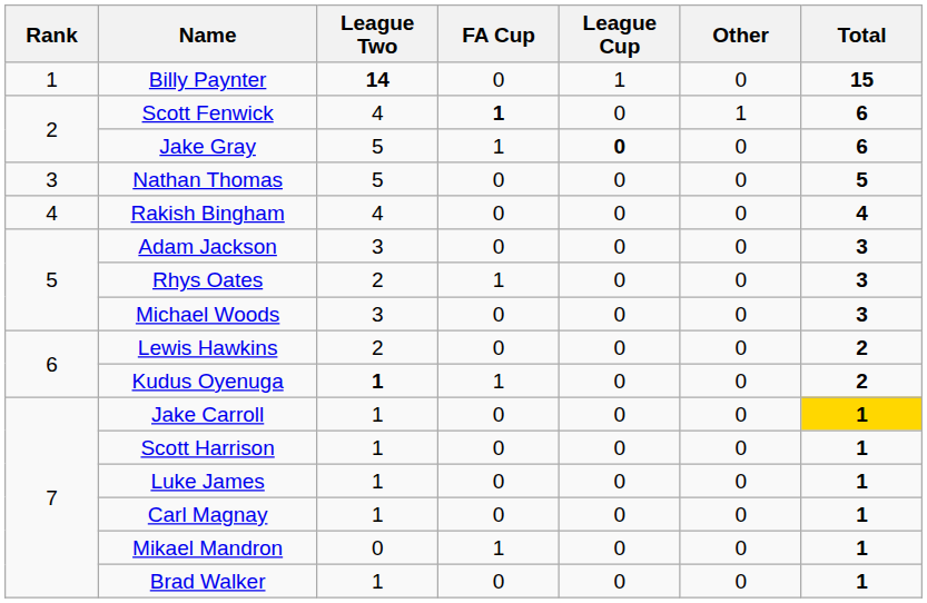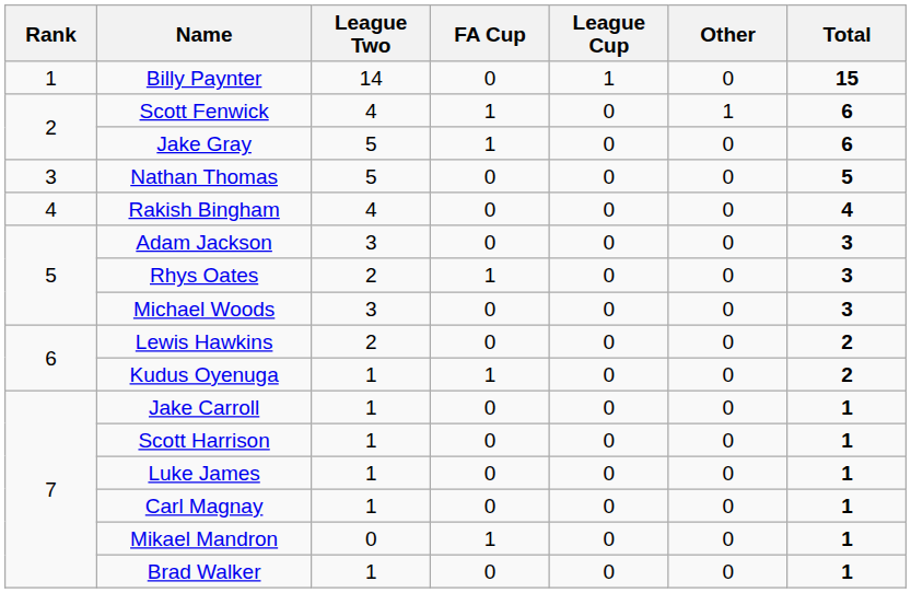 <table class="wikitable" style="font-size: 95%; text-align: center;">
 <tr>
 <th width=60>Rank</th>
 <th width=150>Name</th>
 <th width=80>League Two</th>
 <th width=80>FA Cup</th>
 <th width=80>League Cup</th>
 <th width=80>Other</th>
 <th width=80>Total</th>
 </tr>
 <tr>
 <td>1</td>
 <td><a href='#'>Billy Paynter</a></td>
-<td><strong>14</strong></td>
+<td>14</td>
 <td>0</td>
 <td>1</td>
 <td>0</td>
 <td><strong>15</strong></td>
 </tr>
 <tr>
 <td rowspan="2">2</td>
 <td><a href='#'>Scott Fenwick</a></td>
 <td>4</td>
-<td><strong>1</strong></td>
+<td>1</td>
 <td>0</td>
 <td>1</td>
 <td><strong>6</strong></td>
 </tr>
 <tr>
 <td><a href='#'>Jake Gray</a></td>
 <td>5</td>
 <td>1</td>
-<td><strong>0</strong></td>
+<td>0</td>
 <td>0</td>
 <td><strong>6</strong></td>
 </tr>
 <tr>
 <td>3</td>
 <td><a href='#'>Nathan Thomas</a></td>
 <td>5</td>
 <td>0</td>
 <td>0</td>
 <td>0</td>
 <td><strong>5</strong></td>
 </tr>
 <tr>
 <td>4</td>
 <td><a href='#'>Rakish Bingham</a></td>
 <td>4</td>
 <td>0</td>
 <td>0</td>
 <td>0</td>
 <td><strong>4</strong></td>
 </tr>
 <tr>
 <td rowspan="3">5</td>
 <td><a href='#'>Adam Jackson</a></td>
 <td>3</td>
 <td>0</td>
 <td>0</td>
 <td>0</td>
 <td><strong>3</strong></td>
 </tr>
 <tr>
 <td><a href='#'>Rhys Oates</a></td>
 <td>2</td>
 <td>1</td>
 <td>0</td>
 <td>0</td>
 <td><strong>3</strong></td>
 </tr>
 <tr>
 <td><a href='#'>Michael Woods</a></td>
 <td>3</td>
 <td>0</td>
 <td>0</td>
 <td>0</td>
 <td><strong>3</strong></td>
 </tr>
 <tr>
 <td rowspan="2">6</td>
 <td><a href='#'>Lewis Hawkins</a></td>
 <td>2</td>
 <td>0</td>
 <td>0</td>
 <td>0</td>
 <td><strong>2</strong></td>
 </tr>
 <tr>
 <td><a href='#'>Kudus Oyenuga</a></td>
-<td><strong>1</strong></td>
+<td>1</td>
 <td>1</td>
 <td>0</td>
 <td>0</td>
 <td><strong>2</strong></td>
 </tr>
 <tr>
 <td rowspan="6">7</td>
 <td><a href='#'>Jake Carroll</a></td>
 <td>1</td>
 <td>0</td>
 <td>0</td>
 <td>0</td>
-<td style="background: gold;"><strong>1</strong></td>
+<td><strong>1</strong></td>
 </tr>
 <tr>
 <td><a href='#'>Scott Harrison</a></td>
 <td>1</td>
 <td>0</td>
 <td>0</td>
 <td>0</td>
 <td><strong>1</strong></td>
 </tr>
 <tr>
 <td><a href='#'>Luke James</a></td>
 <td>1</td>
 <td>0</td>
 <td>0</td>
 <td>0</td>
 <td><strong>1</strong></td>
 </tr>
 <tr>
 <td><a href='#'>Carl Magnay</a></td>
 <td>1</td>
 <td>0</td>
 <td>0</td>
 <td>0</td>
 <td><strong>1</strong></td>
 </tr>
 <tr>
 <td><a href='#'>Mikael Mandron</a></td>
 <td>0</td>
 <td>1</td>
 <td>0</td>
 <td>0</td>
 <td><strong>1</strong></td>
 </tr>
 <tr>
 <td><a href='#'>Brad Walker</a></td>
 <td>1</td>
 <td>0</td>
 <td>0</td>
 <td>0</td>
 <td><strong>1</strong></td>
 </tr>
 </table>
